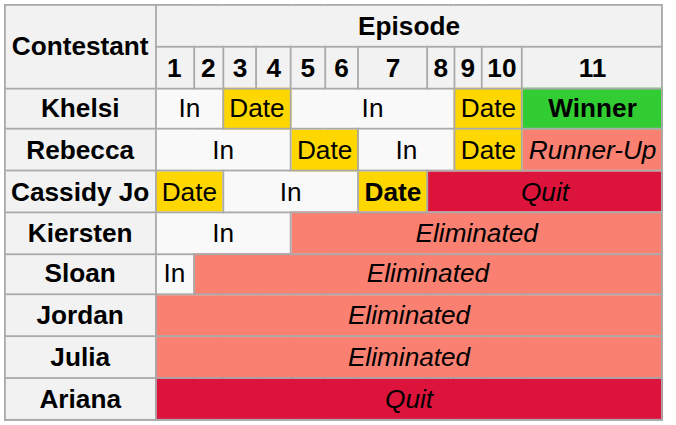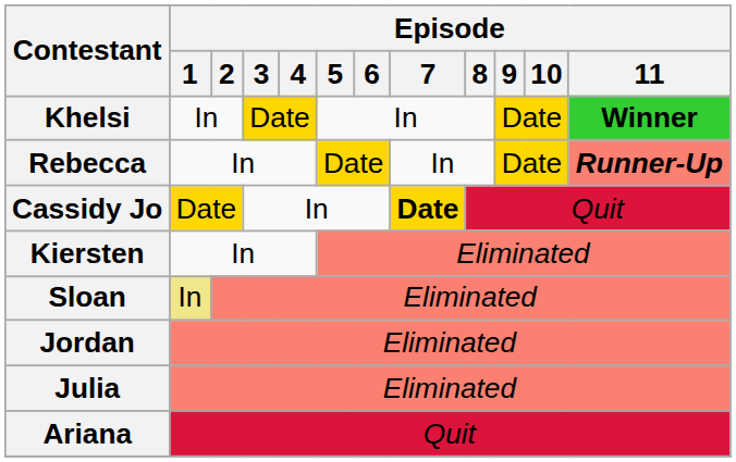 <table class="wikitable" style="text-align:center; font-size:90%;">
 <tr>
 <th rowspan="2">Contestant</th>
 <th colspan="11">Episode</th>
 </tr>
 <tr>
 <th>1</th>
 <th>2</th>
 <th>3</th>
 <th>4</th>
 <th>5</th>
 <th>6</th>
 <th>7</th>
 <th>8</th>
 <th>9</th>
 <th>10</th>
 <th>11</th>
 </tr>
 <tr>
 <th>Khelsi</th>
 <td colspan="2">In</td>
 <td colspan="2" style="background:gold;">Date</td>
 <td colspan="4">In</td>
 <td colspan="2" style="background:gold;">Date</td>
 <td bgcolor="limegreen"><strong>Winner</strong></td>
 </tr>
 <tr>
 <th>Rebecca</th>
 <td colspan="4">In</td>
 <td colspan="2" style="background:gold;">Date</td>
 <td colspan="2">In</td>
 <td colspan="2" style="background:gold;">Date</td>
-<td bgcolor="salmon"><em>Runner-Up</em></td>
+<td bgcolor="salmon"><strong><em>Runner-Up</em></strong></td>
 </tr>
 <tr>
 <th>Cassidy Jo</th>
 <td colspan="2" style="background:gold;">Date</td>
 <td colspan="4">In</td>
 <td style="background:gold;"><strong>Date</strong></td>
 <td style="background:crimson;" colspan="4"><span><em>Quit</em></span></td>
 </tr>
 <tr>
 <th>Kiersten</th>
 <td colspan="4">In</td>
 <td style="background:salmon;" colspan="7"><em>Eliminated</em></td>
 </tr>
 <tr>
 <th>Sloan</th>
-<td>In</td>
+<td style="background: khaki;">In</td>
 <td style="background:salmon;" colspan="10"><em>Eliminated</em></td>
 </tr>
 <tr>
 <th>Jordan</th>
 <td style="background:salmon;" colspan="11"><em>Eliminated</em></td>
 </tr>
 <tr>
 <th>Julia</th>
 <td style="background:salmon;" colspan="11"><em>Eliminated</em></td>
 </tr>
 <tr>
 <th>Ariana</th>
 <td style="background:crimson;" colspan="11"><span><em>Quit</em></span></td>
 </tr>
 <tr>
 </tr>
 </table>
